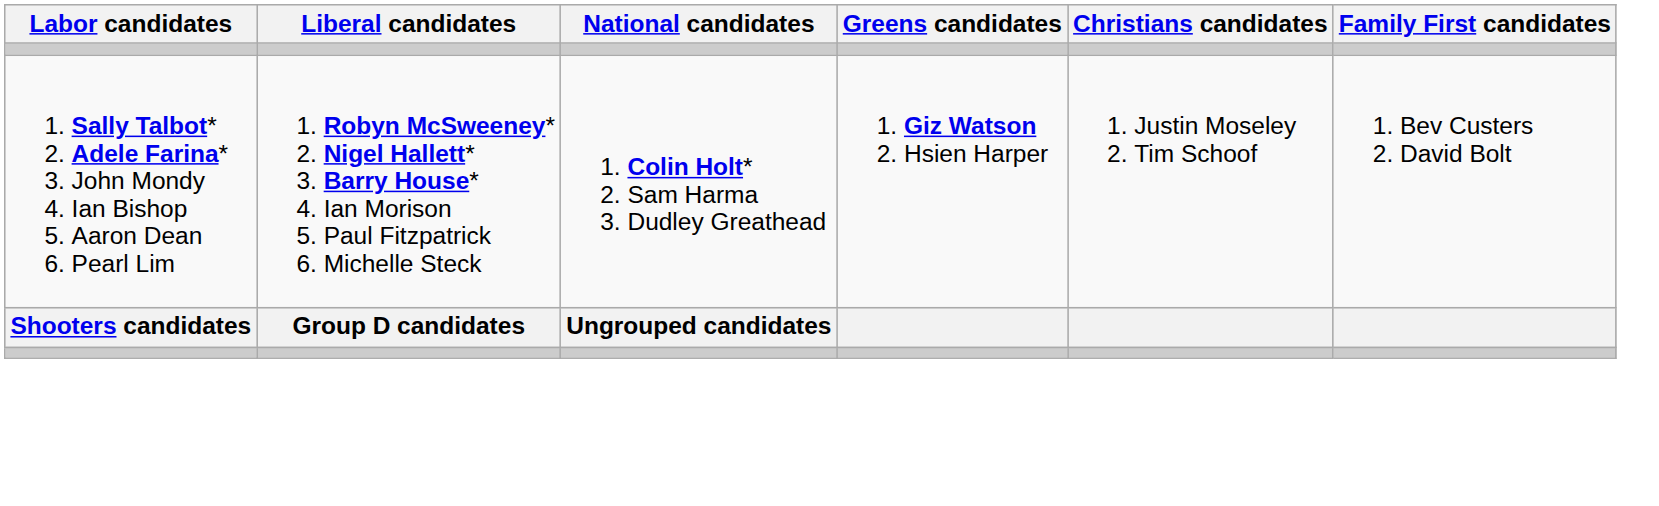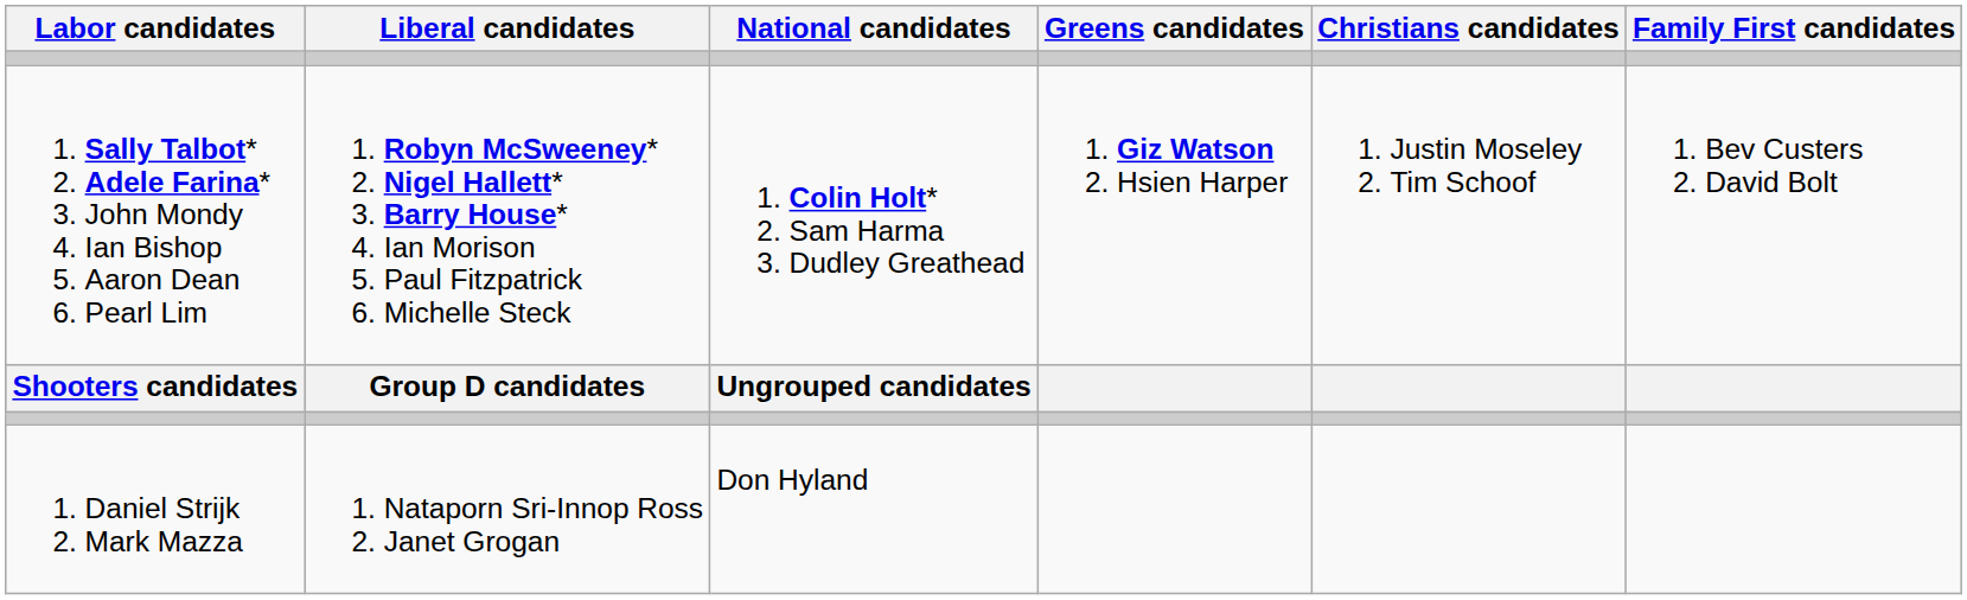 <table class="wikitable">
 <tr>
 <th><a href='#'>Labor</a> candidates</th>
 <th><a href='#'>Liberal</a> candidates</th>
 <th><a href='#'>National</a> candidates</th>
 <th><a href='#'>Greens</a> candidates</th>
 <th><a href='#'>Christians</a> candidates</th>
 <th><a href='#'>Family First</a> candidates</th>
 </tr>
 <tr bgcolor="#cccccc">
 <td></td>
 <td></td>
 <td></td>
 <td></td>
 <td></td>
 <td></td>
 </tr>
 <tr>
 <td><br><ol><li><strong><a href='#'>Sally Talbot</a></strong>*</li><li><strong><a href='#'>Adele Farina</a></strong>*</li><li>John Mondy</li><li>Ian Bishop</li><li>Aaron Dean</li><li>Pearl Lim</li></ol></td>
 <td><br><ol><li><strong><a href='#'>Robyn McSweeney</a></strong>*</li><li><strong><a href='#'>Nigel Hallett</a></strong>*</li><li><strong><a href='#'>Barry House</a></strong>*</li><li>Ian Morison</li><li>Paul Fitzpatrick</li><li>Michelle Steck</li></ol></td>
 <td><br><ol><li><strong><a href='#'>Colin Holt</a></strong>*</li><li>Sam Harma</li><li>Dudley Greathead</li></ol></td>
 <td valign=top><br><ol><li><strong><a href='#'>Giz Watson</a></strong></li><li>Hsien Harper</li></ol></td>
 <td valign=top><br><ol><li>Justin Moseley</li><li>Tim Schoof</li></ol></td>
 <td valign=top><br><ol><li>Bev Custers</li><li>David Bolt</li></ol></td>
 </tr>
 <tr bgcolor="#cccccc">
 <th><a href='#'>Shooters</a> candidates</th>
 <th>Group D candidates</th>
 <th>Ungrouped candidates</th>
 <th></th>
 <th></th>
 <th></th>
 </tr>
 <tr bgcolor="#cccccc">
 <td></td>
 <td></td>
 <td></td>
 <td></td>
 <td></td>
 <td></td>
 </tr>
+<tr>
+<td valign=top><br><ol><li>Daniel Strijk</li><li>Mark Mazza</li></ol></td>
+<td valign=top><br><ol><li>Nataporn Sri-Innop Ross</li><li>Janet Grogan</li></ol></td>
+<td valign=top><br>Don Hyland</td>
+<td valign=top></td>
+<td valign=top></td>
+<td valign=top></td>
+</tr>
 </table>
